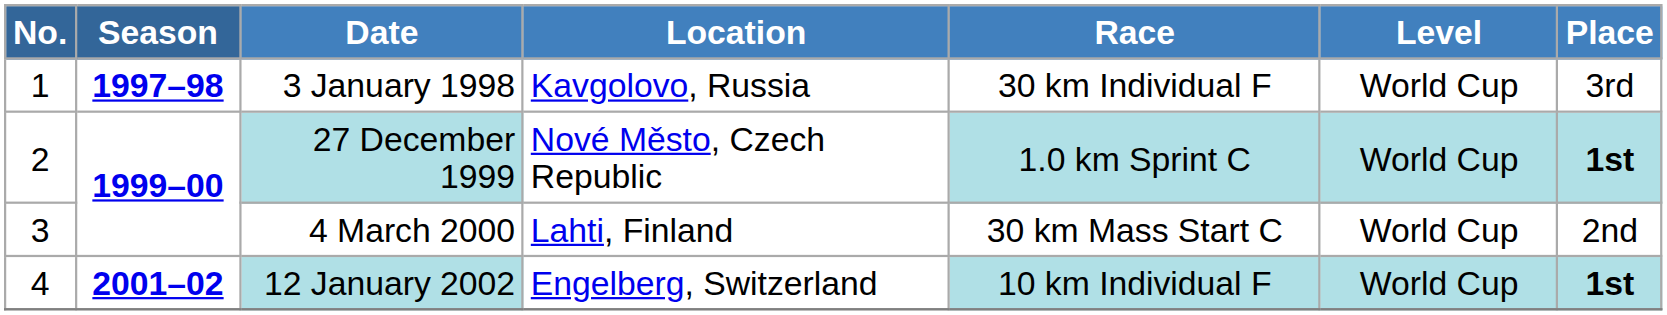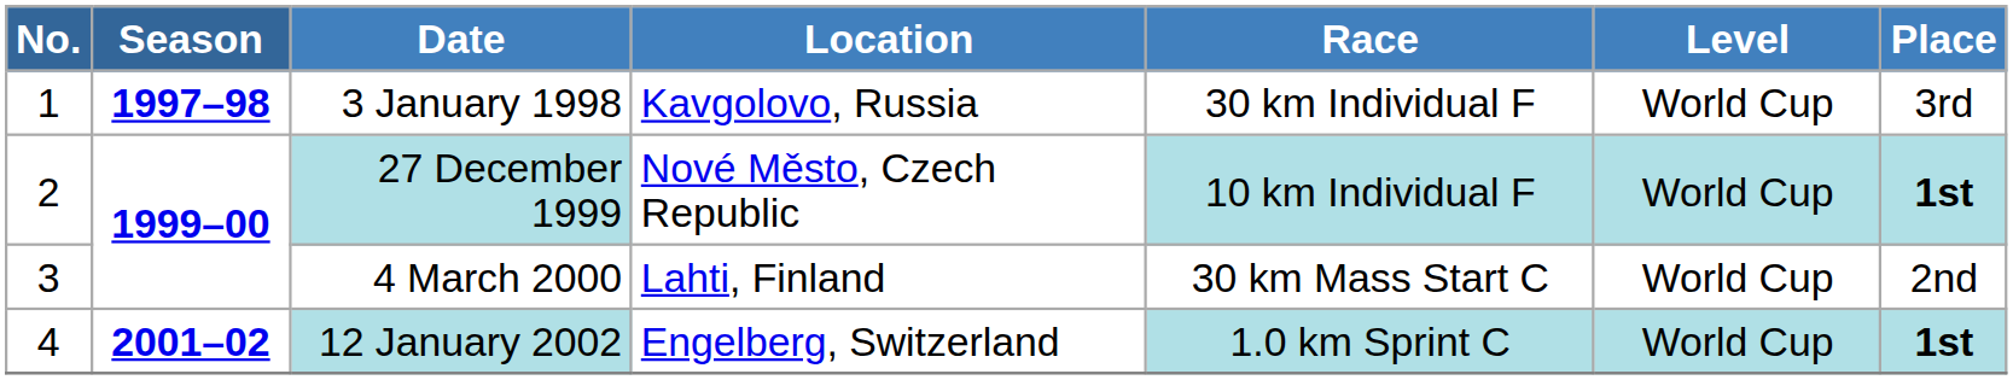 <table class="wikitable sortable" style="font-size:95%; text-align:center; border:grey solid 1px; border-collapse:collapse; background:#ffffff;">
 <tr style="background:#efefef;">
 <th style="background-color:#369; color:white;">No.</th>
 <th style="background-color:#369; color:white;">Season</th>
 <th style="background-color:#4180be; color:white; width:120px;">Date</th>
 <th style="background-color:#4180be; color:white; width:185px;">Location</th>
 <th style="background-color:#4180be; color:white; width:160px;">Race</th>
 <th style="background-color:#4180be; color:white; width:100px;">Level</th>
 <th style="background-color:#4180be; color:white;">Place</th>
 </tr>
 <tr>
 <td align=center>1</td>
 <td rowspan=1 align=center><strong> <a href='#'>1997–98</a> </strong></td>
 <td align=right>3 January 1998</td>
 <td align=left> <a href='#'>Kavgolovo</a>, Russia</td>
 <td>30 km Individual F</td>
 <td>World Cup</td>
 <td>3rd</td>
 </tr>
 <tr>
 <td align=center>2</td>
 <td rowspan=2 align=center><strong><a href='#'>1999–00</a></strong></td>
 <td bgcolor="#BOEOE6" align=right>27 December 1999</td>
 <td align=left> <a href='#'>Nové Město</a>, Czech Republic</td>
-<td bgcolor="#BOEOE6">1.0 km Sprint C</td>
+<td bgcolor="#BOEOE6">10 km Individual F</td>
 <td bgcolor="#BOEOE6">World Cup</td>
 <td bgcolor="#BOEOE6"><strong>1st</strong></td>
 </tr>
 <tr>
 <td align=center>3</td>
 <td align=right>4 March 2000</td>
 <td align=left> <a href='#'>Lahti</a>, Finland</td>
 <td>30 km Mass Start C</td>
 <td>World Cup</td>
 <td>2nd</td>
 </tr>
 <tr>
 <td align=center>4</td>
 <td rowspan=1 align=center><strong><a href='#'>2001–02</a></strong></td>
 <td bgcolor="#BOEOE6" align=right>12 January 2002</td>
 <td align=left> <a href='#'>Engelberg</a>, Switzerland</td>
-<td bgcolor="#BOEOE6">10 km Individual F</td>
+<td bgcolor="#BOEOE6">1.0 km Sprint C</td>
 <td bgcolor="#BOEOE6">World Cup</td>
 <td bgcolor="#BOEOE6"><strong>1st</strong></td>
 </tr>
 <tr>
 </tr>
 </table>
